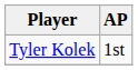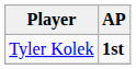 <table class="wikitable" style="white-space:nowrap; font-size:90%;">
 <tr>
 <td align="center" style="background:#f0f0f0;"><strong>Player</strong></td>
 <td align="center" style="background:#f0f0f0;"><strong>AP</strong></td>
 </tr>
 <tr>
 <td><a href='#'>Tyler Kolek</a></td>
-<td>1st</td>
+<td><strong>1st</strong></td>
 </tr>
 <tr>
 </tr>
 </table>
